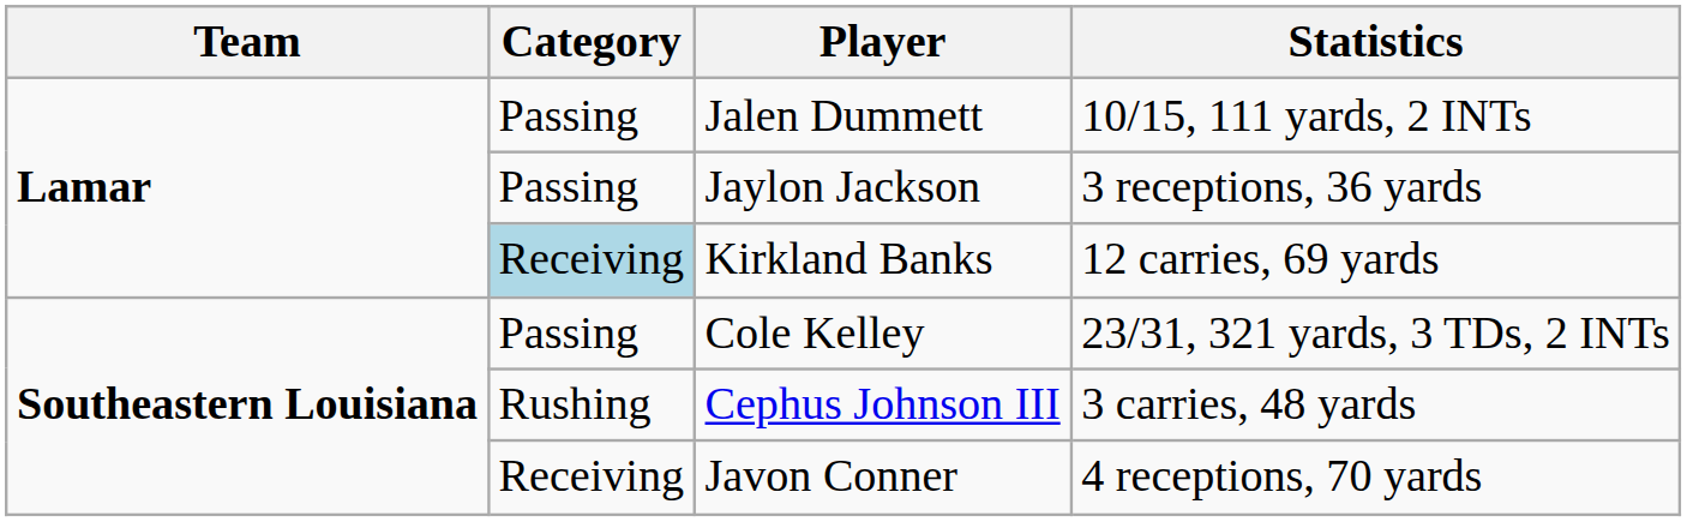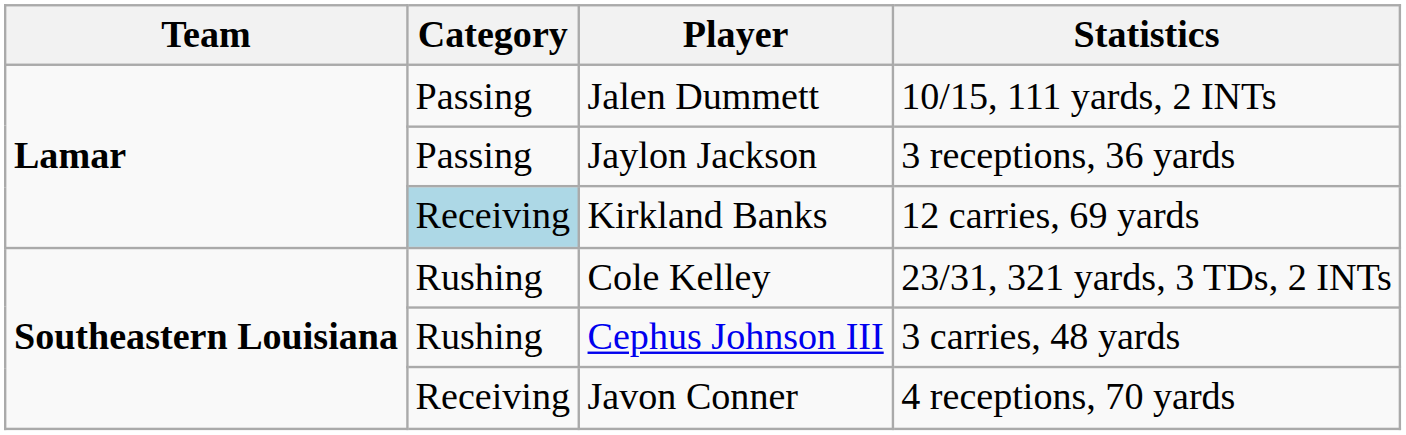 <table class="wikitable" style="float: left;">
 <tr>
 <th>Team</th>
 <th>Category</th>
 <th>Player</th>
 <th>Statistics</th>
 </tr>
 <tr>
 <td rowspan=3><strong>Lamar</strong></td>
 <td>Passing</td>
 <td>Jalen Dummett</td>
 <td>10/15, 111 yards, 2 INTs</td>
 </tr>
 <tr>
 <td>Passing</td>
 <td>Jaylon Jackson</td>
 <td>3 receptions, 36 yards</td>
 </tr>
 <tr>
 <td style="background: lightblue;">Receiving</td>
 <td>Kirkland Banks</td>
 <td>12 carries, 69 yards</td>
 </tr>
 <tr>
 <td rowspan=3><strong>Southeastern Louisiana</strong></td>
-<td>Passing</td>
+<td>Rushing</td>
 <td>Cole Kelley</td>
 <td>23/31, 321 yards, 3 TDs, 2 INTs</td>
 </tr>
 <tr>
 <td>Rushing</td>
 <td><a href='#'>Cephus Johnson III</a></td>
 <td>3 carries, 48 yards</td>
 </tr>
 <tr>
 <td>Receiving</td>
 <td>Javon Conner</td>
 <td>4 receptions, 70 yards</td>
 </tr>
 </table>
